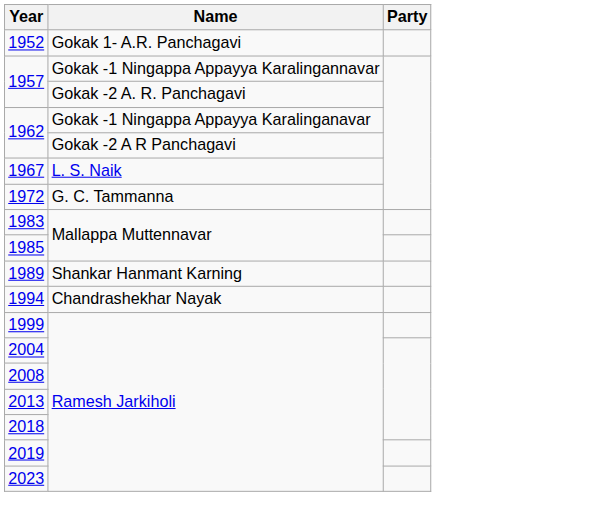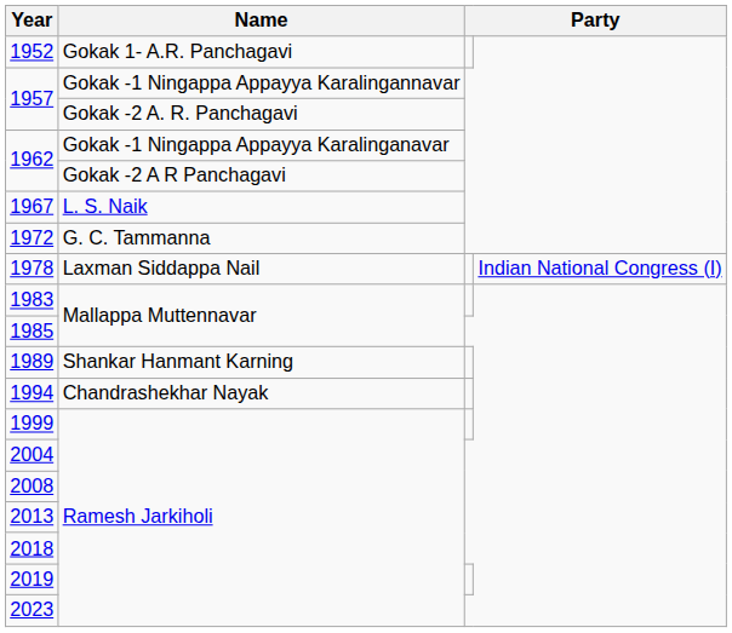 <table class="wikitable">
 <tr>
 <th>Year</th>
 <th>Name</th>
 <th colspan="2">Party</th>
 </tr>
 <tr>
 <td><a href='#'>1952</a></td>
 <td>Gokak 1- A.R. Panchagavi</td>
 <td></td>
 </tr>
 <tr>
 <td rowspan="2"><a href='#'>1957</a></td>
 <td>Gokak -1 Ningappa Appayya Karalingannavar</td>
 </tr>
 <tr>
 <td>Gokak -2 A. R. Panchagavi</td>
 </tr>
 <tr>
 <td rowspan="2"><a href='#'>1962</a></td>
 <td>Gokak -1 Ningappa Appayya Karalinganavar</td>
 </tr>
 <tr>
 <td>Gokak -2 A R Panchagavi</td>
 </tr>
 <tr>
 <td><a href='#'>1967</a></td>
 <td><a href='#'>L. S. Naik</a></td>
 </tr>
 <tr>
 <td><a href='#'>1972</a></td>
 <td>G. C. Tammanna</td>
+</tr>
+<tr>
+<td><a href='#'>1978</a></td>
+<td>Laxman Siddappa Nail</td>
+<td style="background-color:"></td>
+<td><a href='#'>Indian National Congress (I)</a></td>
 </tr>
 <tr>
 <td><a href='#'>1983</a></td>
 <td rowspan="2">Mallappa Muttennavar</td>
 <td></td>
 </tr>
 <tr>
 <td><a href='#'>1985</a></td>
 </tr>
 <tr>
 <td><a href='#'>1989</a></td>
 <td>Shankar Hanmant Karning</td>
 <td></td>
 </tr>
 <tr>
 <td><a href='#'>1994</a></td>
 <td>Chandrashekhar Nayak</td>
 <td></td>
 </tr>
 <tr>
 <td><a href='#'>1999</a></td>
 <td rowspan="7"><a href='#'>Ramesh Jarkiholi</a></td>
 <td></td>
 </tr>
 <tr>
 <td><a href='#'>2004</a></td>
 </tr>
 <tr>
 <td><a href='#'>2008</a></td>
 </tr>
 <tr>
 <td><a href='#'>2013</a></td>
 </tr>
 <tr>
 <td><a href='#'>2018</a></td>
 </tr>
 <tr>
 <td><a href='#'>2019</a></td>
 <td></td>
 </tr>
 <tr>
 <td><a href='#'>2023</a></td>
 </tr>
 </table>
